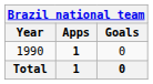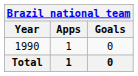 <table class="wikitable" style="text-align:center">
 <tr>
 <th colspan=3><a href='#'>Brazil national team</a></th>
 </tr>
 <tr>
 <th>Year</th>
 <th>Apps</th>
 <th>Goals</th>
 </tr>
 <tr>
 <td>1990</td>
-<td><strong>1</strong></td>
+<td>1</td>
 <td>0</td>
 </tr>
 <tr>
 <th>Total</th>
 <th>1</th>
 <th>0</th>
 </tr>
 </table>
